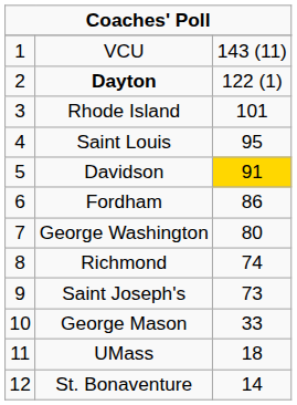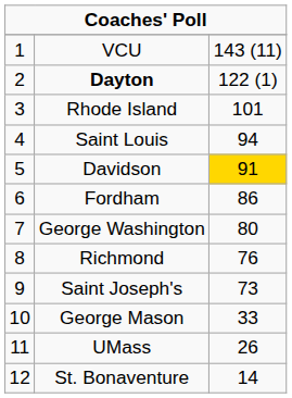 <table class="wikitable" style="display: inline-table;">
 <tr>
 <td align="center" Colspan="3"><strong>Coaches' Poll</strong></td>
 </tr>
 <tr align="center">
 </tr>
 <tr align="center">
 <td>1</td>
 <td>VCU</td>
 <td>143 (11)</td>
 </tr>
 <tr align="center">
 <td>2</td>
 <td><strong>Dayton</strong></td>
 <td>122 (1)</td>
 </tr>
 <tr align="center">
 <td>3</td>
 <td>Rhode Island</td>
 <td>101</td>
 </tr>
 <tr align="center">
 <td>4</td>
 <td>Saint Louis</td>
-<td>95</td>
+<td>94</td>
 </tr>
 <tr align="center">
 <td>5</td>
 <td>Davidson</td>
 <td style="background: gold;">91</td>
 </tr>
 <tr align="center">
 <td>6</td>
 <td>Fordham</td>
 <td>86</td>
 </tr>
 <tr align="center">
 <td>7</td>
 <td>George Washington</td>
 <td>80</td>
 </tr>
 <tr align="center">
 <td>8</td>
 <td>Richmond</td>
-<td>74</td>
+<td>76</td>
 </tr>
 <tr align="center">
 <td>9</td>
 <td>Saint Joseph's</td>
 <td>73</td>
 </tr>
 <tr align="center">
 <td>10</td>
 <td>George Mason</td>
 <td>33</td>
 </tr>
 <tr align="center">
 <td>11</td>
 <td>UMass</td>
-<td>18</td>
+<td>26</td>
 </tr>
 <tr align="center">
 <td>12</td>
 <td>St. Bonaventure</td>
 <td>14</td>
 </tr>
 </table>
